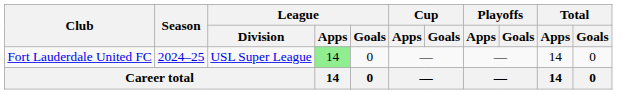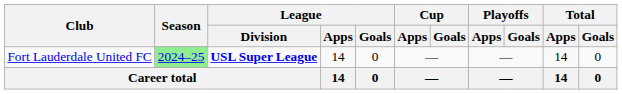 <table class="wikitable" style="text-align: center;">
 <tr>
 <th rowspan="2">Club</th>
 <th rowspan="2">Season</th>
 <th colspan="3">League</th>
 <th colspan="2">Cup</th>
 <th colspan="2">Playoffs</th>
 <th colspan="2">Total</th>
 </tr>
 <tr>
 <th>Division</th>
 <th>Apps</th>
 <th>Goals</th>
 <th>Apps</th>
 <th>Goals</th>
 <th>Apps</th>
 <th>Goals</th>
 <th>Apps</th>
 <th>Goals</th>
 </tr>
 <tr>
 <td><a href='#'>Fort Lauderdale United FC</a></td>
-<td><a href='#'>2024–25</a></td>
-<td><a href='#'>USL Super League</a></td>
-<td style="background: lightgreen;">14</td>
+<td style="background: lightgreen;"><a href='#'>2024–25</a></td>
+<td><strong><a href='#'>USL Super League</a></strong></td>
+<td>14</td>
 <td>0</td>
 <td colspan="2">—</td>
 <td colspan="2">—</td>
 <td>14</td>
 <td>0</td>
 </tr>
 <tr>
 <th colspan="3">Career total</th>
 <th>14</th>
 <th>0</th>
 <th colspan="2">—</th>
 <th colspan="2">—</th>
 <th>14</th>
 <th>0</th>
 </tr>
 </table>
